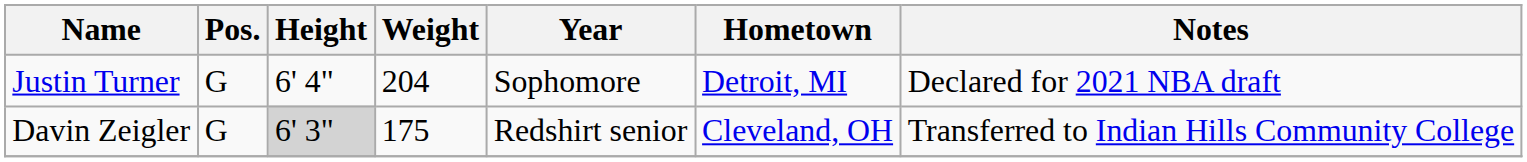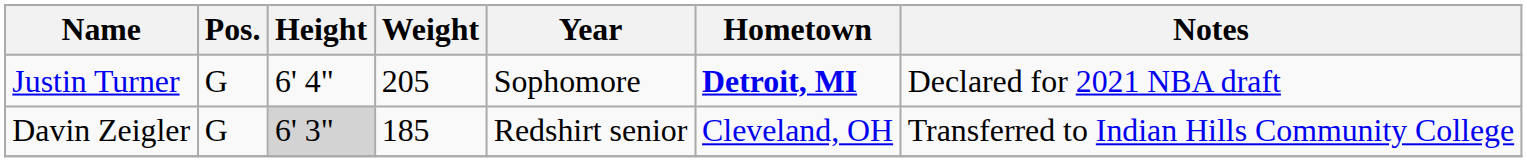 <table class="wikitable sortable" border="1">
 <tr align=center>
 <th>Name</th>
 <th>Pos.</th>
 <th>Height</th>
 <th>Weight</th>
 <th>Year</th>
 <th>Hometown</th>
 <th>Notes</th>
 </tr>
 <tr>
 <td><a href='#'>Justin Turner</a></td>
 <td>G</td>
 <td>6' 4"</td>
-<td>204</td>
+<td>205</td>
 <td>Sophomore</td>
-<td><a href='#'>Detroit, MI</a></td>
+<td><strong><a href='#'>Detroit, MI</a></strong></td>
 <td>Declared for <a href='#'>2021 NBA draft</a></td>
 </tr>
 <tr>
 <td>Davin Zeigler</td>
 <td>G</td>
 <td style="background: lightgrey;">6' 3"</td>
-<td>175</td>
+<td>185</td>
 <td>Redshirt senior</td>
 <td><a href='#'>Cleveland, OH</a></td>
 <td>Transferred to <a href='#'>Indian Hills Community College</a></td>
 </tr>
 <tr>
 </tr>
 </table>
